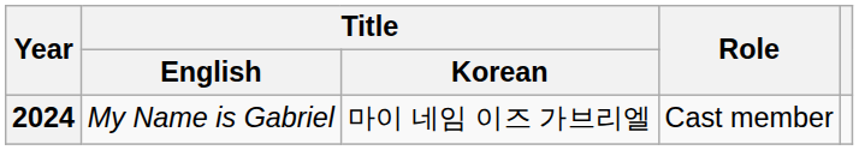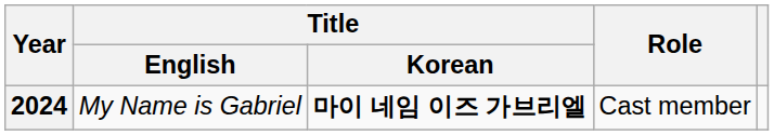 <table class="wikitable plainrowheaders">
 <tr>
 <th rowspan="2">Year</th>
 <th colspan="2">Title</th>
 <th rowspan="2">Role</th>
 <th rowspan="2"></th>
 </tr>
 <tr>
 <th>English</th>
 <th>Korean</th>
 </tr>
 <tr>
 <th scope="row">2024</th>
 <td><em>My Name is Gabriel</em></td>
-<td>마이 네임 이즈 가브리엘</td>
+<td><strong>마이 네임 이즈 가브리엘</strong></td>
 <td>Cast member</td>
 <td></td>
 </tr>
 </table>
